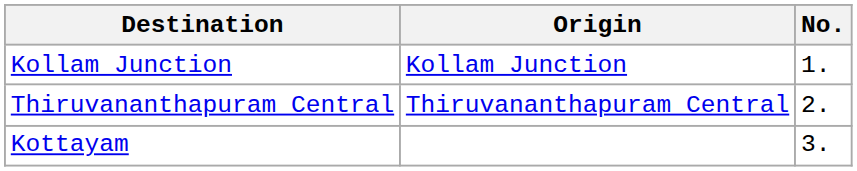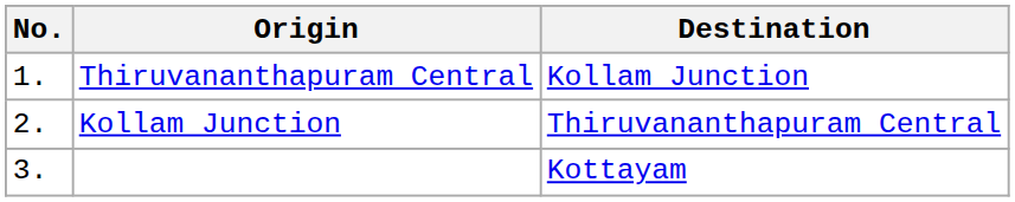 <table class="wikitable sortable" style="background:#fff;">
 <tr>
+<th>No.</th>
+<th>Origin</th>
 <th>Destination</th>
-<th>Origin</th>
-<th>No.</th>
 </tr>
 <tr>
+<td>1.</td>
+<td><a href='#'>Thiruvananthapuram Central</a></td>
 <td><a href='#'>Kollam Junction</a></td>
-<td><a href='#'>Kollam Junction</a></td>
-<td>1.</td>
 </tr>
 <tr>
+<td>2.</td>
+<td><a href='#'>Kollam Junction</a></td>
 <td><a href='#'>Thiruvananthapuram Central</a></td>
-<td><a href='#'>Thiruvananthapuram Central</a></td>
-<td>2.</td>
 </tr>
 <tr>
+<td>3.</td>
+<td></td>
 <td><a href='#'>Kottayam</a></td>
-<td></td>
-<td>3.</td>
 </tr>
 </table>
